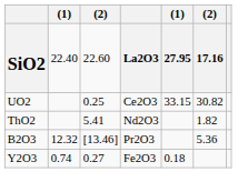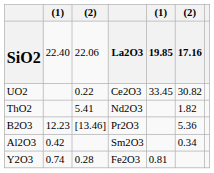 <table class="wikitable">
 <tr>
 <th></th>
 <th>(1)</th>
 <th>(2)</th>
 <th></th>
 <th>(1)</th>
 <th>(2)</th>
 <th></th>
 </tr>
 <tr>
 <th><br><h2>SiO2</h2></th>
 <td>22.40</td>
-<td>22.60</td>
+<td>22.06</td>
 <th>La2O3</th>
-<th>27.95</th>
+<th>19.85</th>
 <th>17.16</th>
 <th></th>
 </tr>
 <tr>
 <td>UO2</td>
 <td></td>
-<td>0.25</td>
+<td>0.22</td>
 <td>Ce2O3</td>
-<td>33.15</td>
+<td>33.45</td>
 <td>30.82</td>
 <td></td>
 </tr>
 <tr>
 <td>ThO2</td>
 <td></td>
 <td>5.41</td>
 <td>Nd2O3</td>
 <td></td>
 <td>1.82</td>
 <td></td>
 </tr>
 <tr>
 <td>B2O3</td>
-<td>12.32</td>
+<td>12.23</td>
 <td>[13.46]</td>
 <td>Pr2O3</td>
 <td></td>
 <td>5.36</td>
 <td></td>
 </tr>
 <tr>
+<td>Al2O3</td>
+<td>0.42</td>
+<td></td>
+<td>Sm2O3</td>
+<td></td>
+<td>0.34</td>
+<td></td>
+</tr>
+<tr>
 <td>Y2O3</td>
 <td>0.74</td>
-<td>0.27</td>
+<td>0.28</td>
 <td>Fe2O3</td>
-<td>0.18</td>
+<td>0.81</td>
 <td></td>
 <td></td>
 </tr>
 </table>
